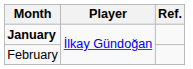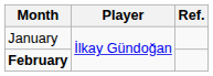 <table class="wikitable">
 <tr>
 <th>Month</th>
 <th>Player</th>
 <th>Ref.</th>
 </tr>
 <tr>
-<td><strong>January</strong></td>
+<td>January</td>
 <td rowspan="2"> <a href='#'>İlkay Gündoğan</a></td>
 <td></td>
 </tr>
 <tr>
-<td>February</td>
+<td><strong>February</strong></td>
 <td></td>
 </tr>
 </table>
